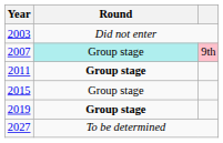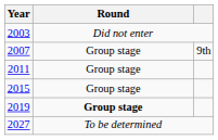 <table class="wikitable" style="text-align: center; font-size:90%">
 <tr>
 <th>Year</th>
 <th style="width:200px">Round</th>
 <th></th>
 </tr>
 <tr>
 <td><a href='#'>2003</a></td>
 <td colspan="2"><em>Did not enter</em></td>
 </tr>
 <tr>
 <td><a href='#'>2007</a></td>
-<td style="background: paleturquoise;">Group stage</td>
-<td style="background: pink;">9th</td>
+<td>Group stage</td>
+<td>9th</td>
 </tr>
 <tr>
 <td><a href='#'>2011</a></td>
-<td><strong>Group stage</strong></td>
+<td>Group stage</td>
 <td></td>
 </tr>
 <tr>
 <td><a href='#'>2015</a></td>
 <td>Group stage</td>
 <td></td>
 </tr>
 <tr>
 <td><a href='#'>2019</a></td>
 <td><strong>Group stage</strong></td>
 <td></td>
 </tr>
 <tr>
 <td><a href='#'>2027</a></td>
 <td colspan="2"><em>To be determined</em></td>
 </tr>
 </table>
